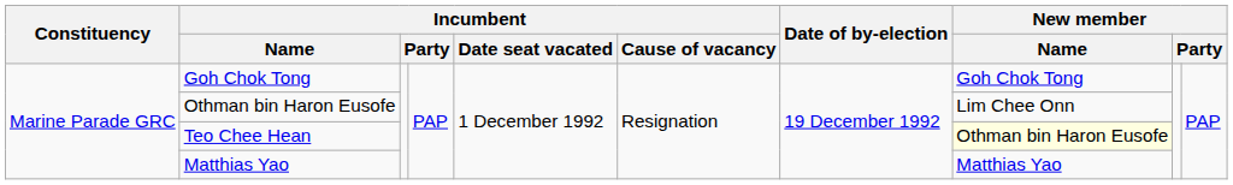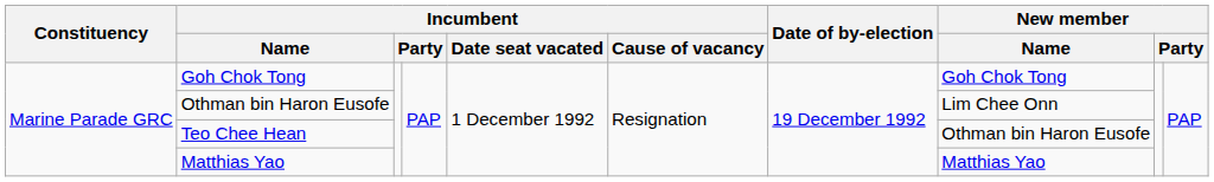 <table class="wikitable" border="1">
 <tr>
 <th rowspan="2">Constituency</th>
 <th colspan="5">Incumbent</th>
 <th rowspan="2">Date of by-election</th>
 <th colspan="3">New member</th>
 </tr>
 <tr>
 <th>Name</th>
 <th colspan="2">Party</th>
 <th>Date seat vacated</th>
 <th>Cause of vacancy</th>
 <th>Name</th>
 <th colspan="2">Party</th>
 </tr>
 <tr>
 <td rowspan="4"><a href='#'>Marine Parade GRC</a></td>
 <td><a href='#'>Goh Chok Tong</a></td>
 <td rowspan="4" bgcolor=></td>
 <td rowspan="4"><a href='#'>PAP</a></td>
 <td rowspan="4">1 December 1992</td>
 <td rowspan="4">Resignation</td>
 <td rowspan="4"><a href='#'>19 December 1992</a></td>
 <td><a href='#'>Goh Chok Tong</a></td>
 <td rowspan="4" bgcolor=></td>
 <td rowspan="4"><a href='#'>PAP</a></td>
 </tr>
 <tr>
 <td>Othman bin Haron Eusofe</td>
 <td>Lim Chee Onn</td>
 </tr>
 <tr>
 <td><a href='#'>Teo Chee Hean</a></td>
-<td style="background: lightyellow;">Othman bin Haron Eusofe</td>
+<td>Othman bin Haron Eusofe</td>
 </tr>
 <tr>
 <td><a href='#'>Matthias Yao</a></td>
 <td><a href='#'>Matthias Yao</a></td>
 </tr>
 </table>
